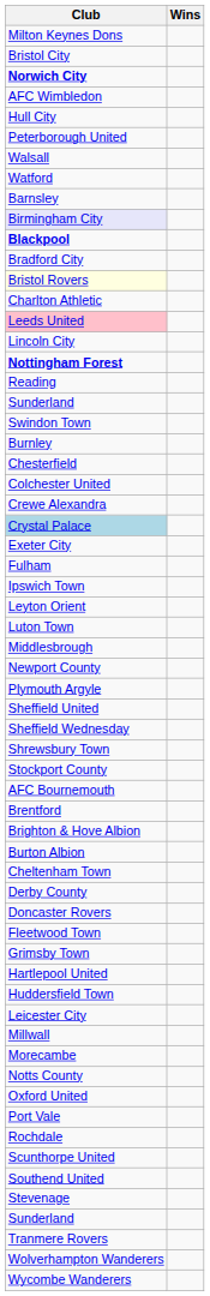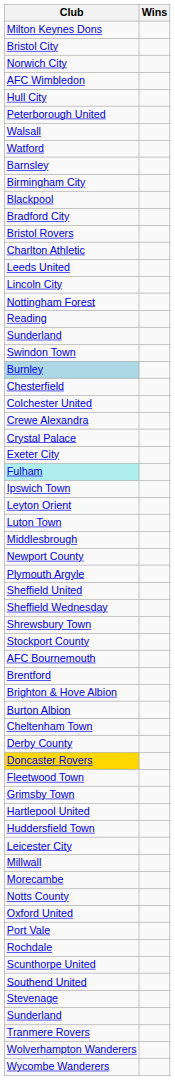 <table class="wikitable sortable">
 <tr>
 <th>Club</th>
 <th>Wins</th>
 </tr>
 <tr>
 <td><a href='#'>Milton Keynes Dons</a></td>
 <td></td>
 </tr>
 <tr>
 <td><a href='#'>Bristol City</a></td>
 <td></td>
 </tr>
 <tr>
-<td><strong><a href='#'>Norwich City</a></strong></td>
+<td><a href='#'>Norwich City</a></td>
 <td></td>
 </tr>
 <tr>
 <td><a href='#'>AFC Wimbledon</a></td>
 <td></td>
 </tr>
 <tr>
 <td><a href='#'>Hull City</a></td>
 <td></td>
 </tr>
 <tr>
 <td><a href='#'>Peterborough United</a></td>
 <td></td>
 </tr>
 <tr>
 <td><a href='#'>Walsall</a></td>
 <td></td>
 </tr>
 <tr>
 <td><a href='#'>Watford</a></td>
 <td></td>
 </tr>
 <tr>
 <td><a href='#'>Barnsley</a></td>
 <td></td>
 </tr>
 <tr>
-<td style="background: lavender;"><a href='#'>Birmingham City</a></td>
+<td><a href='#'>Birmingham City</a></td>
 <td></td>
 </tr>
 <tr>
-<td><strong><a href='#'>Blackpool</a></strong></td>
+<td><a href='#'>Blackpool</a></td>
 <td></td>
 </tr>
 <tr>
 <td><a href='#'>Bradford City</a></td>
 <td></td>
 </tr>
 <tr>
-<td style="background: lightyellow;"><a href='#'>Bristol Rovers</a></td>
+<td><a href='#'>Bristol Rovers</a></td>
 <td></td>
 </tr>
 <tr>
 <td><a href='#'>Charlton Athletic</a></td>
 <td></td>
 </tr>
 <tr>
-<td style="background: pink;"><a href='#'>Leeds United</a></td>
+<td><a href='#'>Leeds United</a></td>
 <td></td>
 </tr>
 <tr>
 <td><a href='#'>Lincoln City</a></td>
 <td></td>
 </tr>
 <tr>
-<td><strong><a href='#'>Nottingham Forest</a></strong></td>
+<td><a href='#'>Nottingham Forest</a></td>
 <td></td>
 </tr>
 <tr>
 <td><a href='#'>Reading</a></td>
 <td></td>
 </tr>
 <tr>
 <td><a href='#'>Sunderland</a></td>
 <td></td>
 </tr>
 <tr>
 <td><a href='#'>Swindon Town</a></td>
 <td></td>
 </tr>
 <tr>
-<td><a href='#'>Burnley</a></td>
+<td style="background: lightblue;"><a href='#'>Burnley</a></td>
 <td></td>
 </tr>
 <tr>
 <td><a href='#'>Chesterfield</a></td>
 <td></td>
 </tr>
 <tr>
 <td><a href='#'>Colchester United</a></td>
 <td></td>
 </tr>
 <tr>
 <td><a href='#'>Crewe Alexandra</a></td>
 <td></td>
 </tr>
 <tr>
-<td style="background: lightblue;"><a href='#'>Crystal Palace</a></td>
+<td><a href='#'>Crystal Palace</a></td>
 <td></td>
 </tr>
 <tr>
 <td><a href='#'>Exeter City</a></td>
 <td></td>
 </tr>
 <tr>
-<td><a href='#'>Fulham</a></td>
+<td style="background: paleturquoise;"><a href='#'>Fulham</a></td>
 <td></td>
 </tr>
 <tr>
 <td><a href='#'>Ipswich Town</a></td>
 <td></td>
 </tr>
 <tr>
 <td><a href='#'>Leyton Orient</a></td>
 <td></td>
 </tr>
 <tr>
 <td><a href='#'>Luton Town</a></td>
 <td></td>
 </tr>
 <tr>
 <td><a href='#'>Middlesbrough</a></td>
 <td></td>
 </tr>
 <tr>
 <td><a href='#'>Newport County</a></td>
 <td></td>
 </tr>
 <tr>
 <td><a href='#'>Plymouth Argyle</a></td>
 <td></td>
 </tr>
 <tr>
 <td><a href='#'>Sheffield United</a></td>
 <td></td>
 </tr>
 <tr>
 <td><a href='#'>Sheffield Wednesday</a></td>
 <td></td>
 </tr>
 <tr>
 <td><a href='#'>Shrewsbury Town</a></td>
 <td></td>
 </tr>
 <tr>
 <td><a href='#'>Stockport County</a></td>
 <td></td>
 </tr>
 <tr>
 <td><a href='#'>AFC Bournemouth</a></td>
 <td></td>
 </tr>
 <tr>
 <td><a href='#'>Brentford</a></td>
 <td></td>
 </tr>
 <tr>
 <td><a href='#'>Brighton & Hove Albion</a></td>
 <td></td>
 </tr>
 <tr>
 <td><a href='#'>Burton Albion</a></td>
 <td></td>
 </tr>
 <tr>
 <td><a href='#'>Cheltenham Town</a></td>
 <td></td>
 </tr>
 <tr>
 <td><a href='#'>Derby County</a></td>
 <td></td>
 </tr>
 <tr>
-<td><a href='#'>Doncaster Rovers</a></td>
+<td style="background: gold;"><a href='#'>Doncaster Rovers</a></td>
 <td></td>
 </tr>
 <tr>
 <td><a href='#'>Fleetwood Town</a></td>
 <td></td>
 </tr>
 <tr>
 <td><a href='#'>Grimsby Town</a></td>
 <td></td>
 </tr>
 <tr>
 <td><a href='#'>Hartlepool United</a></td>
 <td></td>
 </tr>
 <tr>
 <td><a href='#'>Huddersfield Town</a></td>
 <td></td>
 </tr>
 <tr>
 <td><a href='#'>Leicester City</a></td>
 <td></td>
 </tr>
 <tr>
 <td><a href='#'>Millwall</a></td>
 <td></td>
 </tr>
 <tr>
 <td><a href='#'>Morecambe</a></td>
 <td></td>
 </tr>
 <tr>
 <td><a href='#'>Notts County</a></td>
 <td></td>
 </tr>
 <tr>
 <td><a href='#'>Oxford United</a></td>
 <td></td>
 </tr>
 <tr>
 <td><a href='#'>Port Vale</a></td>
 <td></td>
 </tr>
 <tr>
 <td><a href='#'>Rochdale</a></td>
 <td></td>
 </tr>
 <tr>
 <td><a href='#'>Scunthorpe United</a></td>
 <td></td>
 </tr>
 <tr>
 <td><a href='#'>Southend United</a></td>
 <td></td>
 </tr>
 <tr>
 <td><a href='#'>Stevenage</a></td>
 <td></td>
 </tr>
 <tr>
 <td><a href='#'>Sunderland</a></td>
 <td></td>
 </tr>
 <tr>
 <td><a href='#'>Tranmere Rovers</a></td>
 <td></td>
 </tr>
 <tr>
 <td><a href='#'>Wolverhampton Wanderers</a></td>
 <td></td>
 </tr>
 <tr>
 <td><a href='#'>Wycombe Wanderers</a></td>
 <td></td>
 </tr>
 </table>
